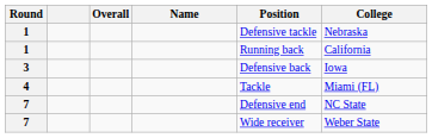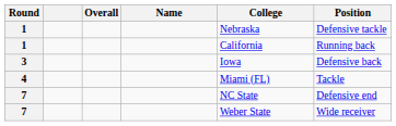 <table class="wikitable sortable">
 <tr>
 <th scope="col" style="width: 10%;">Round</th>
 <th scope="col" style="width: 10%;"></th>
 <th scope="col" style="width: 10%;">Overall</th>
 <th scope="col" style="width: 25%;">Name</th>
+<th scope="col" style="width: 25%;">College</th>
 <th scope="col" style="width: 20%;">Position</th>
-<th scope="col" style="width: 25%;">College</th>
 </tr>
 <tr>
 <th scope="row">1</th>
 <td></td>
 <td></td>
 <td></td>
+<td><a href='#'>Nebraska</a></td>
 <td><a href='#'>Defensive tackle</a></td>
-<td><a href='#'>Nebraska</a></td>
 </tr>
 <tr>
 <th scope="row">1</th>
 <td></td>
 <td></td>
 <td></td>
+<td><a href='#'>California</a></td>
 <td><a href='#'>Running back</a></td>
-<td><a href='#'>California</a></td>
 </tr>
 <tr>
 <th scope="row">3</th>
 <td></td>
 <td></td>
 <td></td>
+<td><a href='#'>Iowa</a></td>
 <td><a href='#'>Defensive back</a></td>
-<td><a href='#'>Iowa</a></td>
 </tr>
 <tr>
 <th scope="row">4</th>
 <td></td>
 <td></td>
 <td></td>
+<td><a href='#'>Miami (FL)</a></td>
 <td><a href='#'>Tackle</a></td>
-<td><a href='#'>Miami (FL)</a></td>
 </tr>
 <tr>
 <th scope="row">7</th>
 <td></td>
 <td></td>
 <td></td>
+<td><a href='#'>NC State</a></td>
 <td><a href='#'>Defensive end</a></td>
-<td><a href='#'>NC State</a></td>
 </tr>
 <tr>
 <th scope="row">7</th>
 <td></td>
 <td></td>
 <td></td>
+<td><a href='#'>Weber State</a></td>
 <td><a href='#'>Wide receiver</a></td>
-<td><a href='#'>Weber State</a></td>
 </tr>
 </table>
